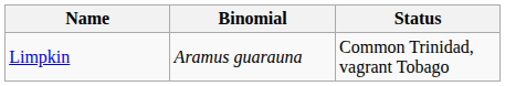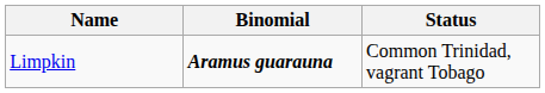 <table width=72% class="wikitable">
 <tr>
 <th width=24%>Name</th>
 <th width=24%>Binomial</th>
 <th width=24%>Status</th>
 </tr>
 <tr>
 <td><a href='#'>Limpkin</a></td>
-<td><em>Aramus guarauna</em></td>
+<td><strong><em>Aramus guarauna</em></strong></td>
 <td>Common Trinidad, vagrant Tobago</td>
 </tr>
 <tr>
 </tr>
 </table>
